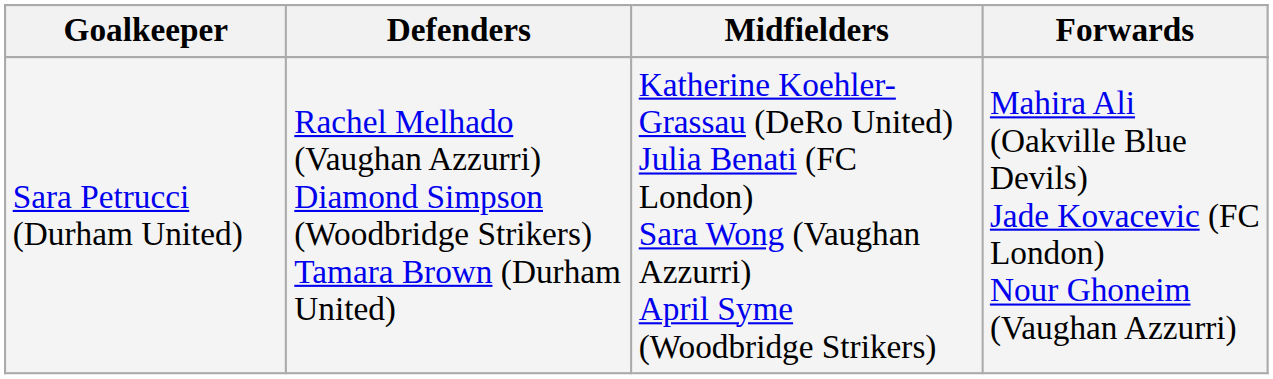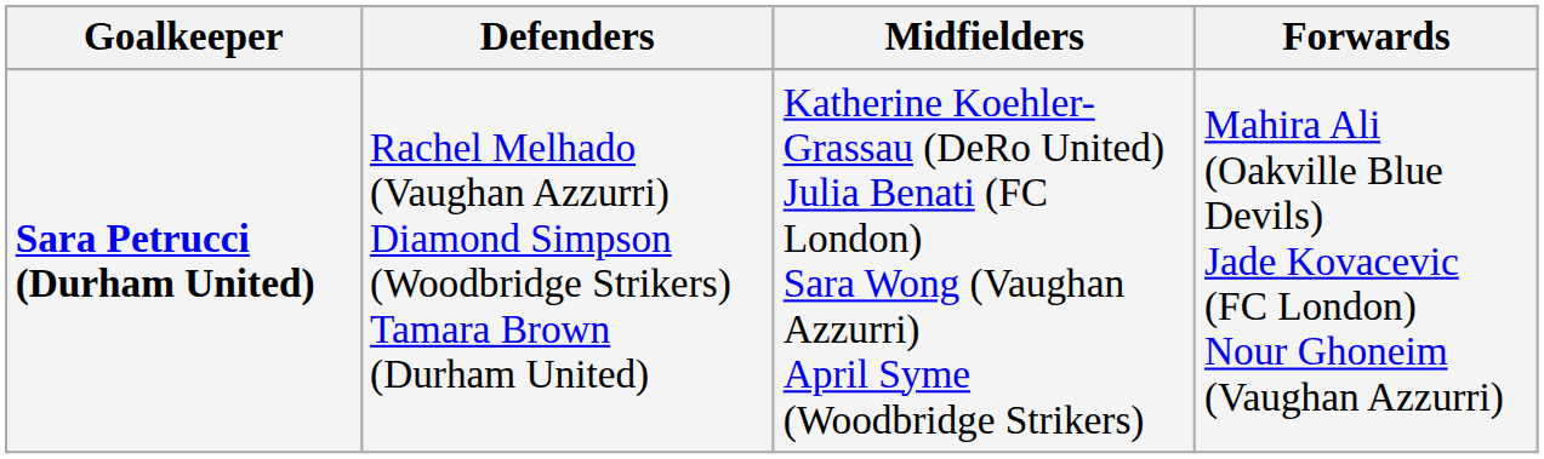 <table class="wikitable">
 <tr style="background:#cccccc;">
 <th>Goalkeeper</th>
 <th>Defenders</th>
 <th>Midfielders</th>
 <th>Forwards</th>
 </tr>
 <tr>
 </tr>
 <tr style="background:#f4f4f4;">
-<td><a href='#'>Sara Petrucci</a> (Durham United)</td>
+<td><strong><a href='#'>Sara Petrucci</a> (Durham United)</strong></td>
 <td><a href='#'>Rachel Melhado</a> (Vaughan Azzurri)<br><a href='#'>Diamond Simpson</a> (Woodbridge Strikers)<br><a href='#'>Tamara Brown</a> (Durham United)</td>
 <td><a href='#'>Katherine Koehler-Grassau</a> (DeRo United)<br><a href='#'>Julia Benati</a> (FC London)<br><a href='#'>Sara Wong</a> (Vaughan Azzurri)<br><a href='#'>April Syme</a> (Woodbridge Strikers)</td>
 <td><a href='#'>Mahira Ali</a> (Oakville Blue Devils)<br><a href='#'>Jade Kovacevic</a> (FC London)<br><a href='#'>Nour Ghoneim</a> (Vaughan Azzurri)</td>
 </tr>
 </table>
